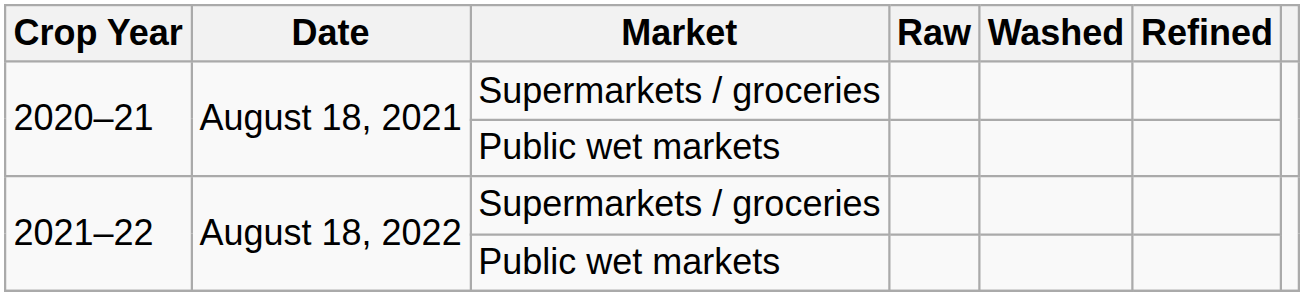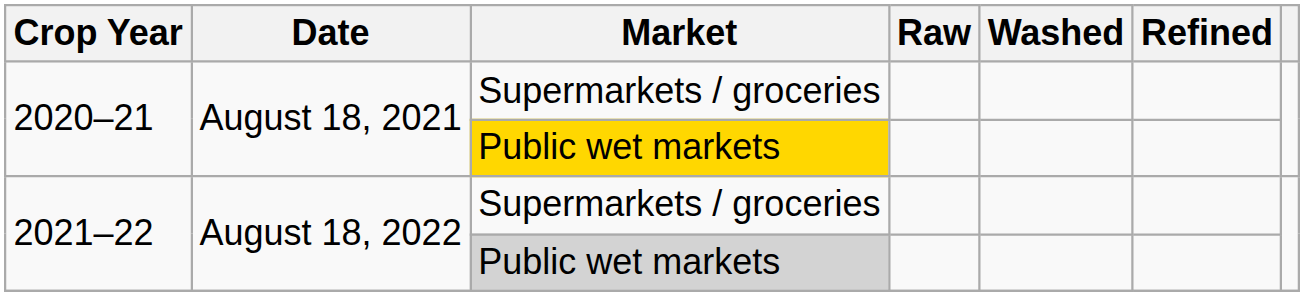 <table class="wikitable">
 <tr>
 <th>Crop Year</th>
 <th>Date</th>
 <th>Market</th>
 <th>Raw</th>
 <th>Washed</th>
 <th>Refined</th>
 <th></th>
 </tr>
 <tr>
 <td rowspan=2>2020–21</td>
 <td rowspan=2>August 18, 2021</td>
 <td>Supermarkets / groceries</td>
 <td></td>
 <td></td>
 <td></td>
 <td rowspan=2></td>
 </tr>
 <tr>
-<td>Public wet markets</td>
+<td style="background: gold;">Public wet markets</td>
 <td></td>
 <td></td>
 <td></td>
 </tr>
 <tr>
 <td rowspan=2>2021–22</td>
 <td rowspan=2>August 18, 2022</td>
 <td>Supermarkets / groceries</td>
 <td></td>
 <td></td>
 <td></td>
 <td rowspan=2></td>
 </tr>
 <tr>
-<td>Public wet markets</td>
+<td style="background: lightgrey;">Public wet markets</td>
 <td></td>
 <td></td>
 <td></td>
 </tr>
 <tr>
 </tr>
 </table>
